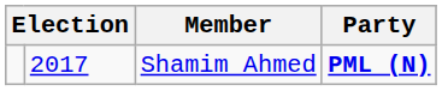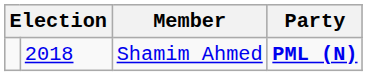 <table class="wikitable">
 <tr>
 <th colspan="2">Election</th>
 <th>Member</th>
 <th>Party</th>
 </tr>
 <tr>
 <td style="background-color: "></td>
-<td><a href='#'>2017</a></td>
+<td><a href='#'>2018</a></td>
 <td><a href='#'>Shamim Ahmed</a></td>
 <td><strong><a href='#'>PML (N)</a></strong></td>
 </tr>
 </table>
